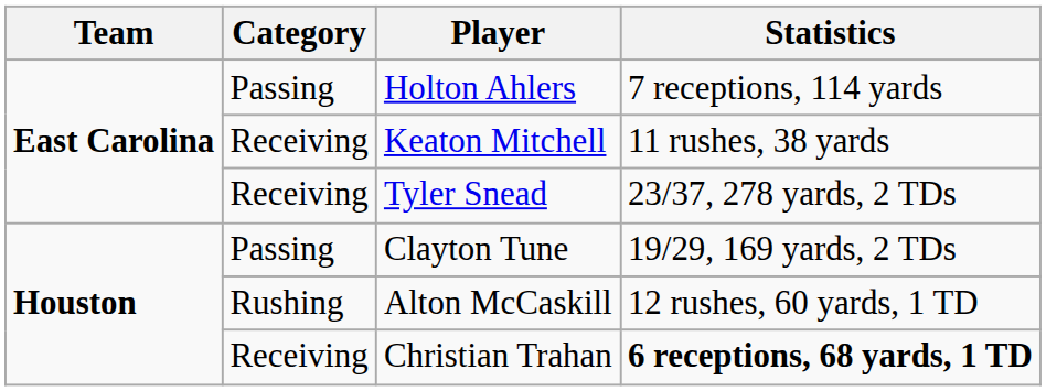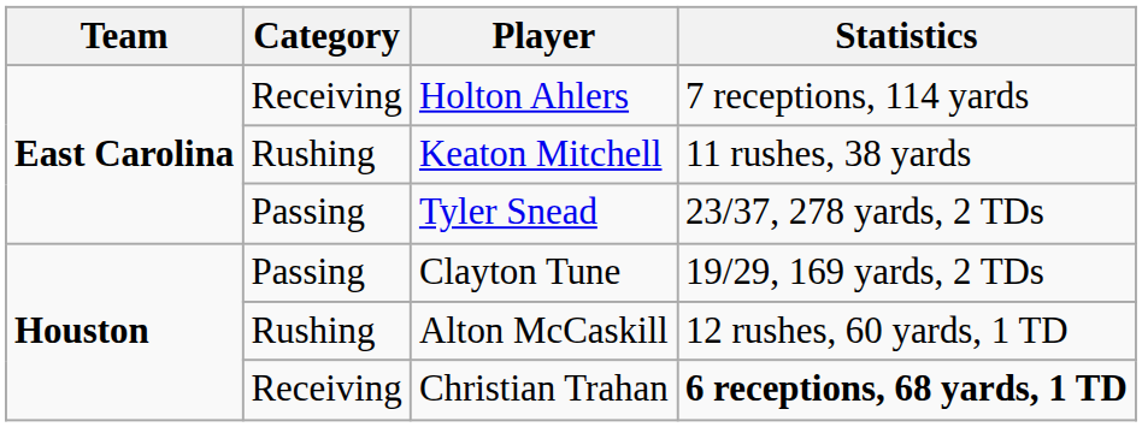 <table class="wikitable" style="float: left;">
 <tr>
 <th>Team</th>
 <th>Category</th>
 <th>Player</th>
 <th>Statistics</th>
 </tr>
 <tr>
 <td rowspan=3><strong>East Carolina</strong></td>
-<td>Passing</td>
+<td>Receiving</td>
 <td><a href='#'>Holton Ahlers</a></td>
 <td>7 receptions, 114 yards</td>
 </tr>
 <tr>
-<td>Receiving</td>
+<td>Rushing</td>
 <td><a href='#'>Keaton Mitchell</a></td>
 <td>11 rushes, 38 yards</td>
 </tr>
 <tr>
-<td>Receiving</td>
+<td>Passing</td>
 <td><a href='#'>Tyler Snead</a></td>
 <td>23/37, 278 yards, 2 TDs</td>
 </tr>
 <tr>
 <td rowspan=3><strong>Houston</strong></td>
 <td>Passing</td>
 <td>Clayton Tune</td>
 <td>19/29, 169 yards, 2 TDs</td>
 </tr>
 <tr>
 <td>Rushing</td>
 <td>Alton McCaskill</td>
 <td>12 rushes, 60 yards, 1 TD</td>
 </tr>
 <tr>
 <td>Receiving</td>
 <td>Christian Trahan</td>
 <td><strong>6 receptions, 68 yards, 1 TD</strong></td>
 </tr>
 </table>
